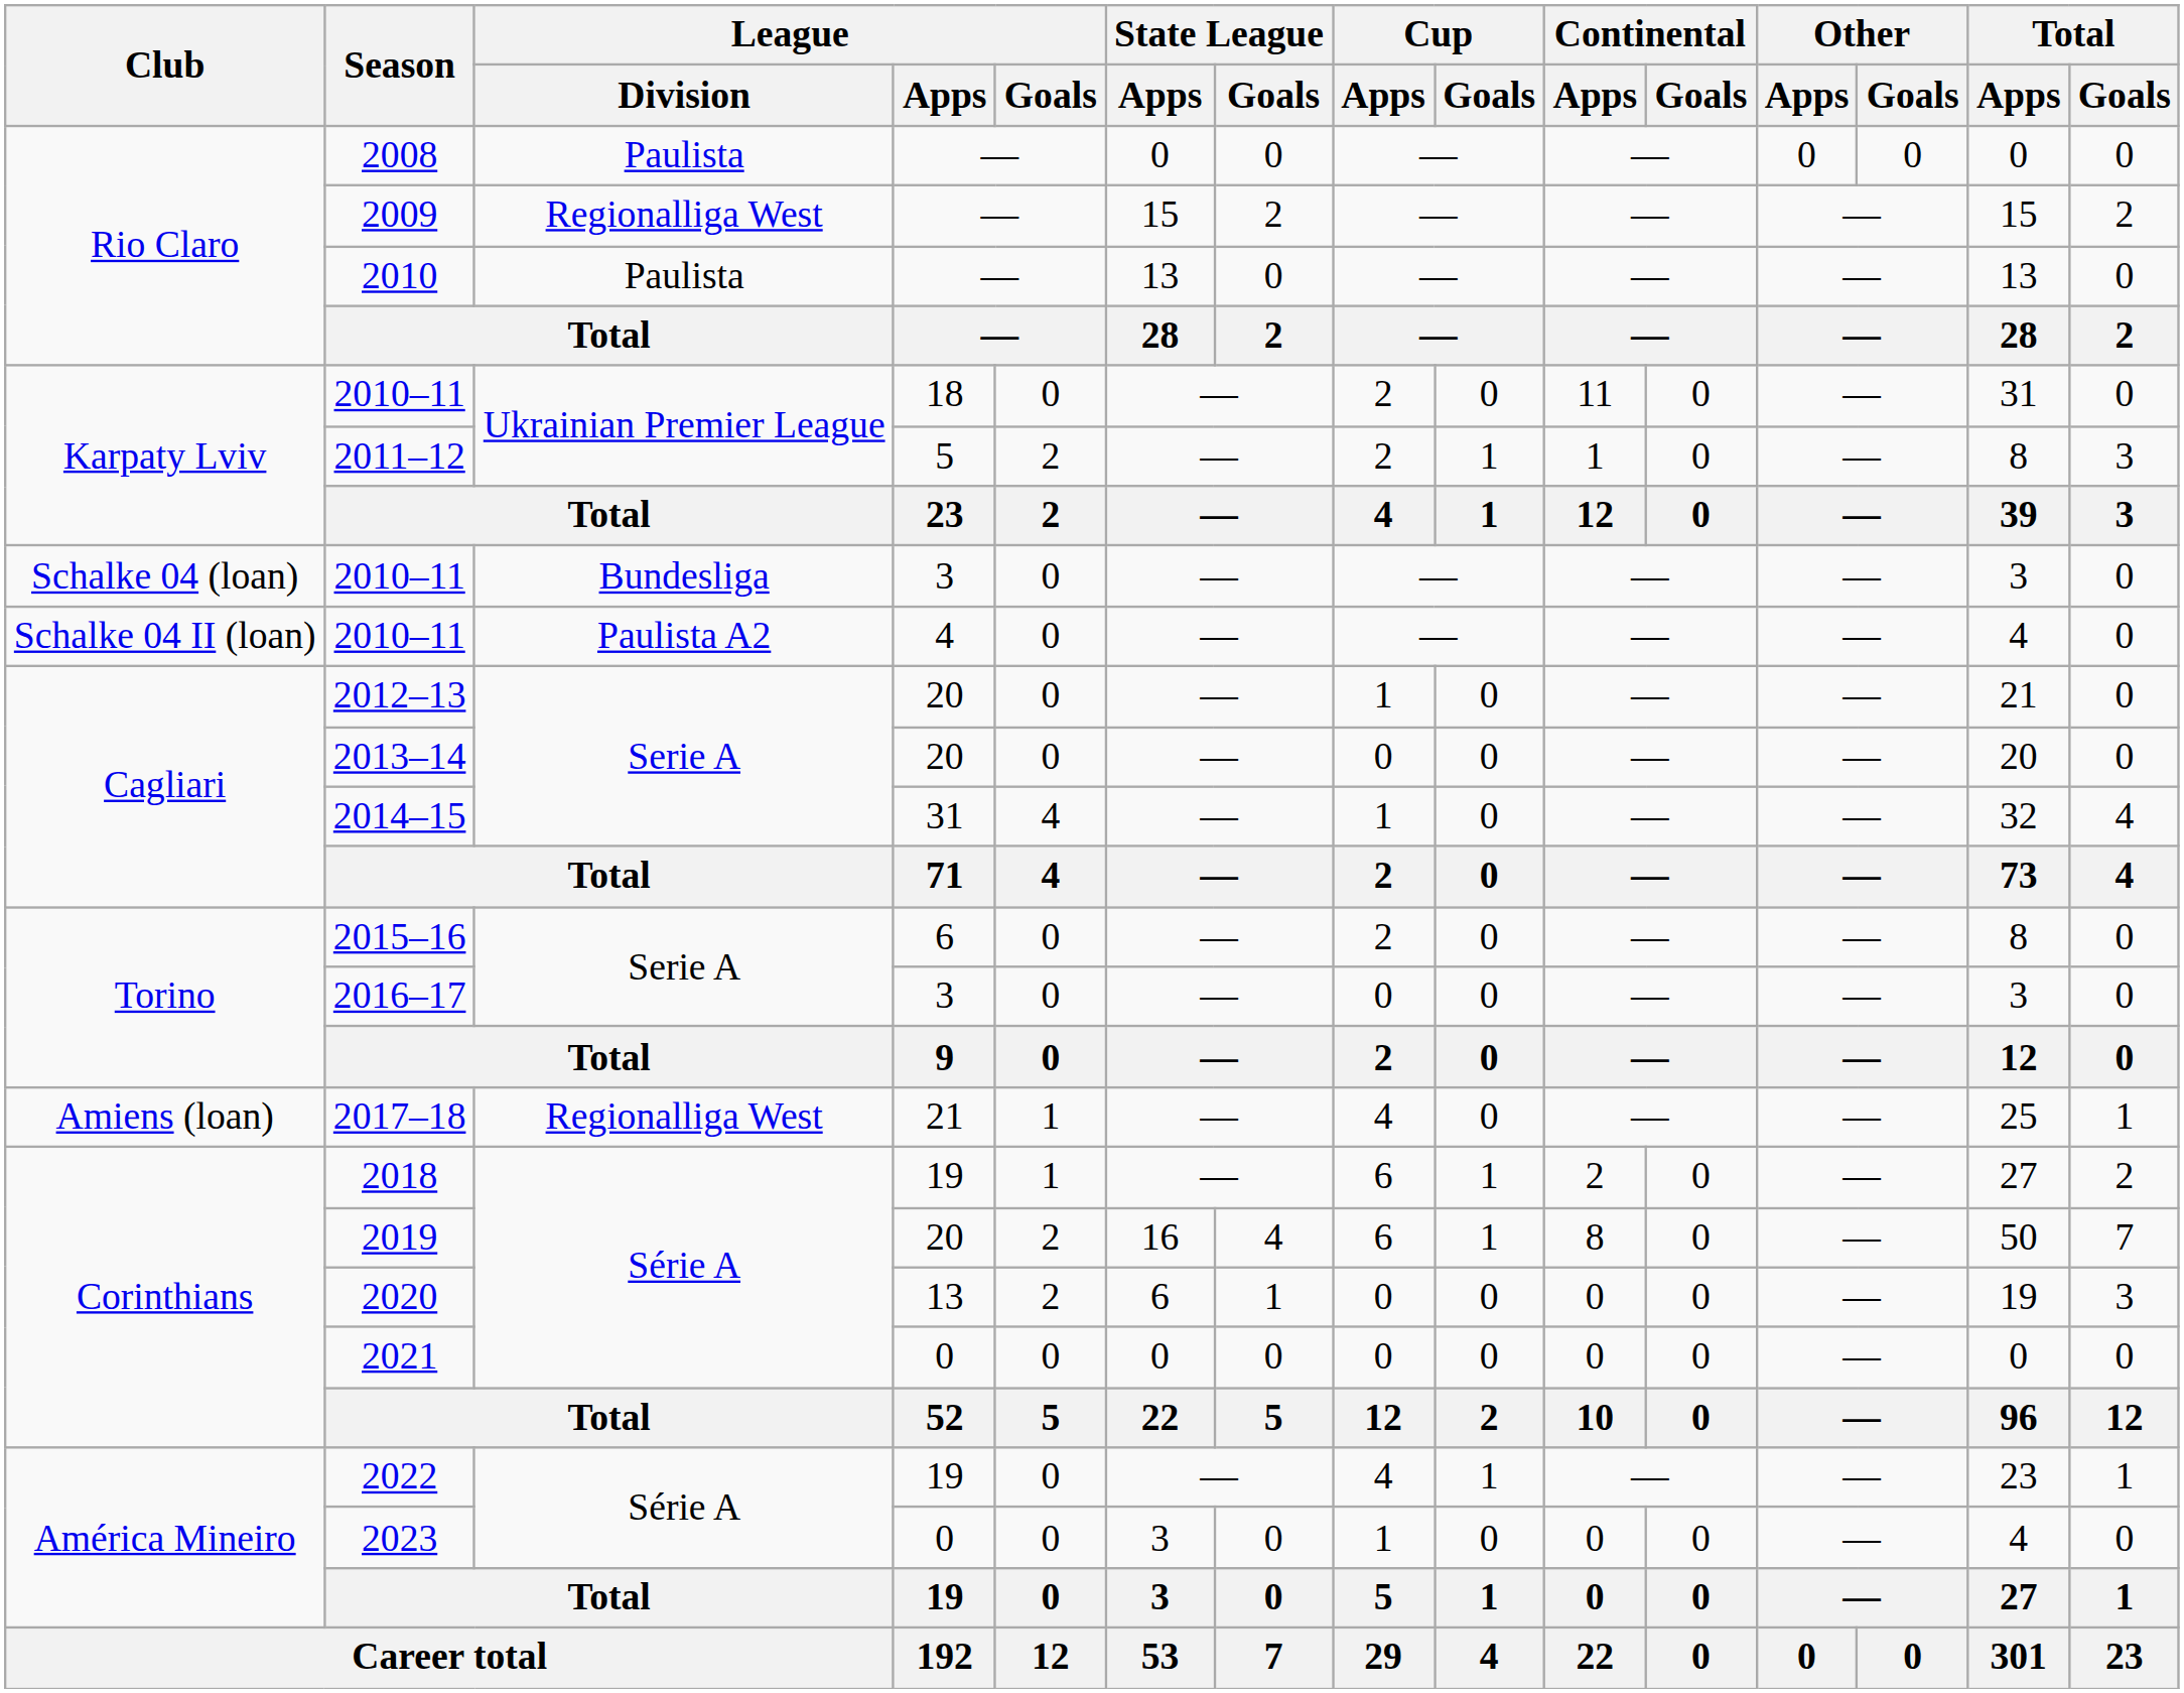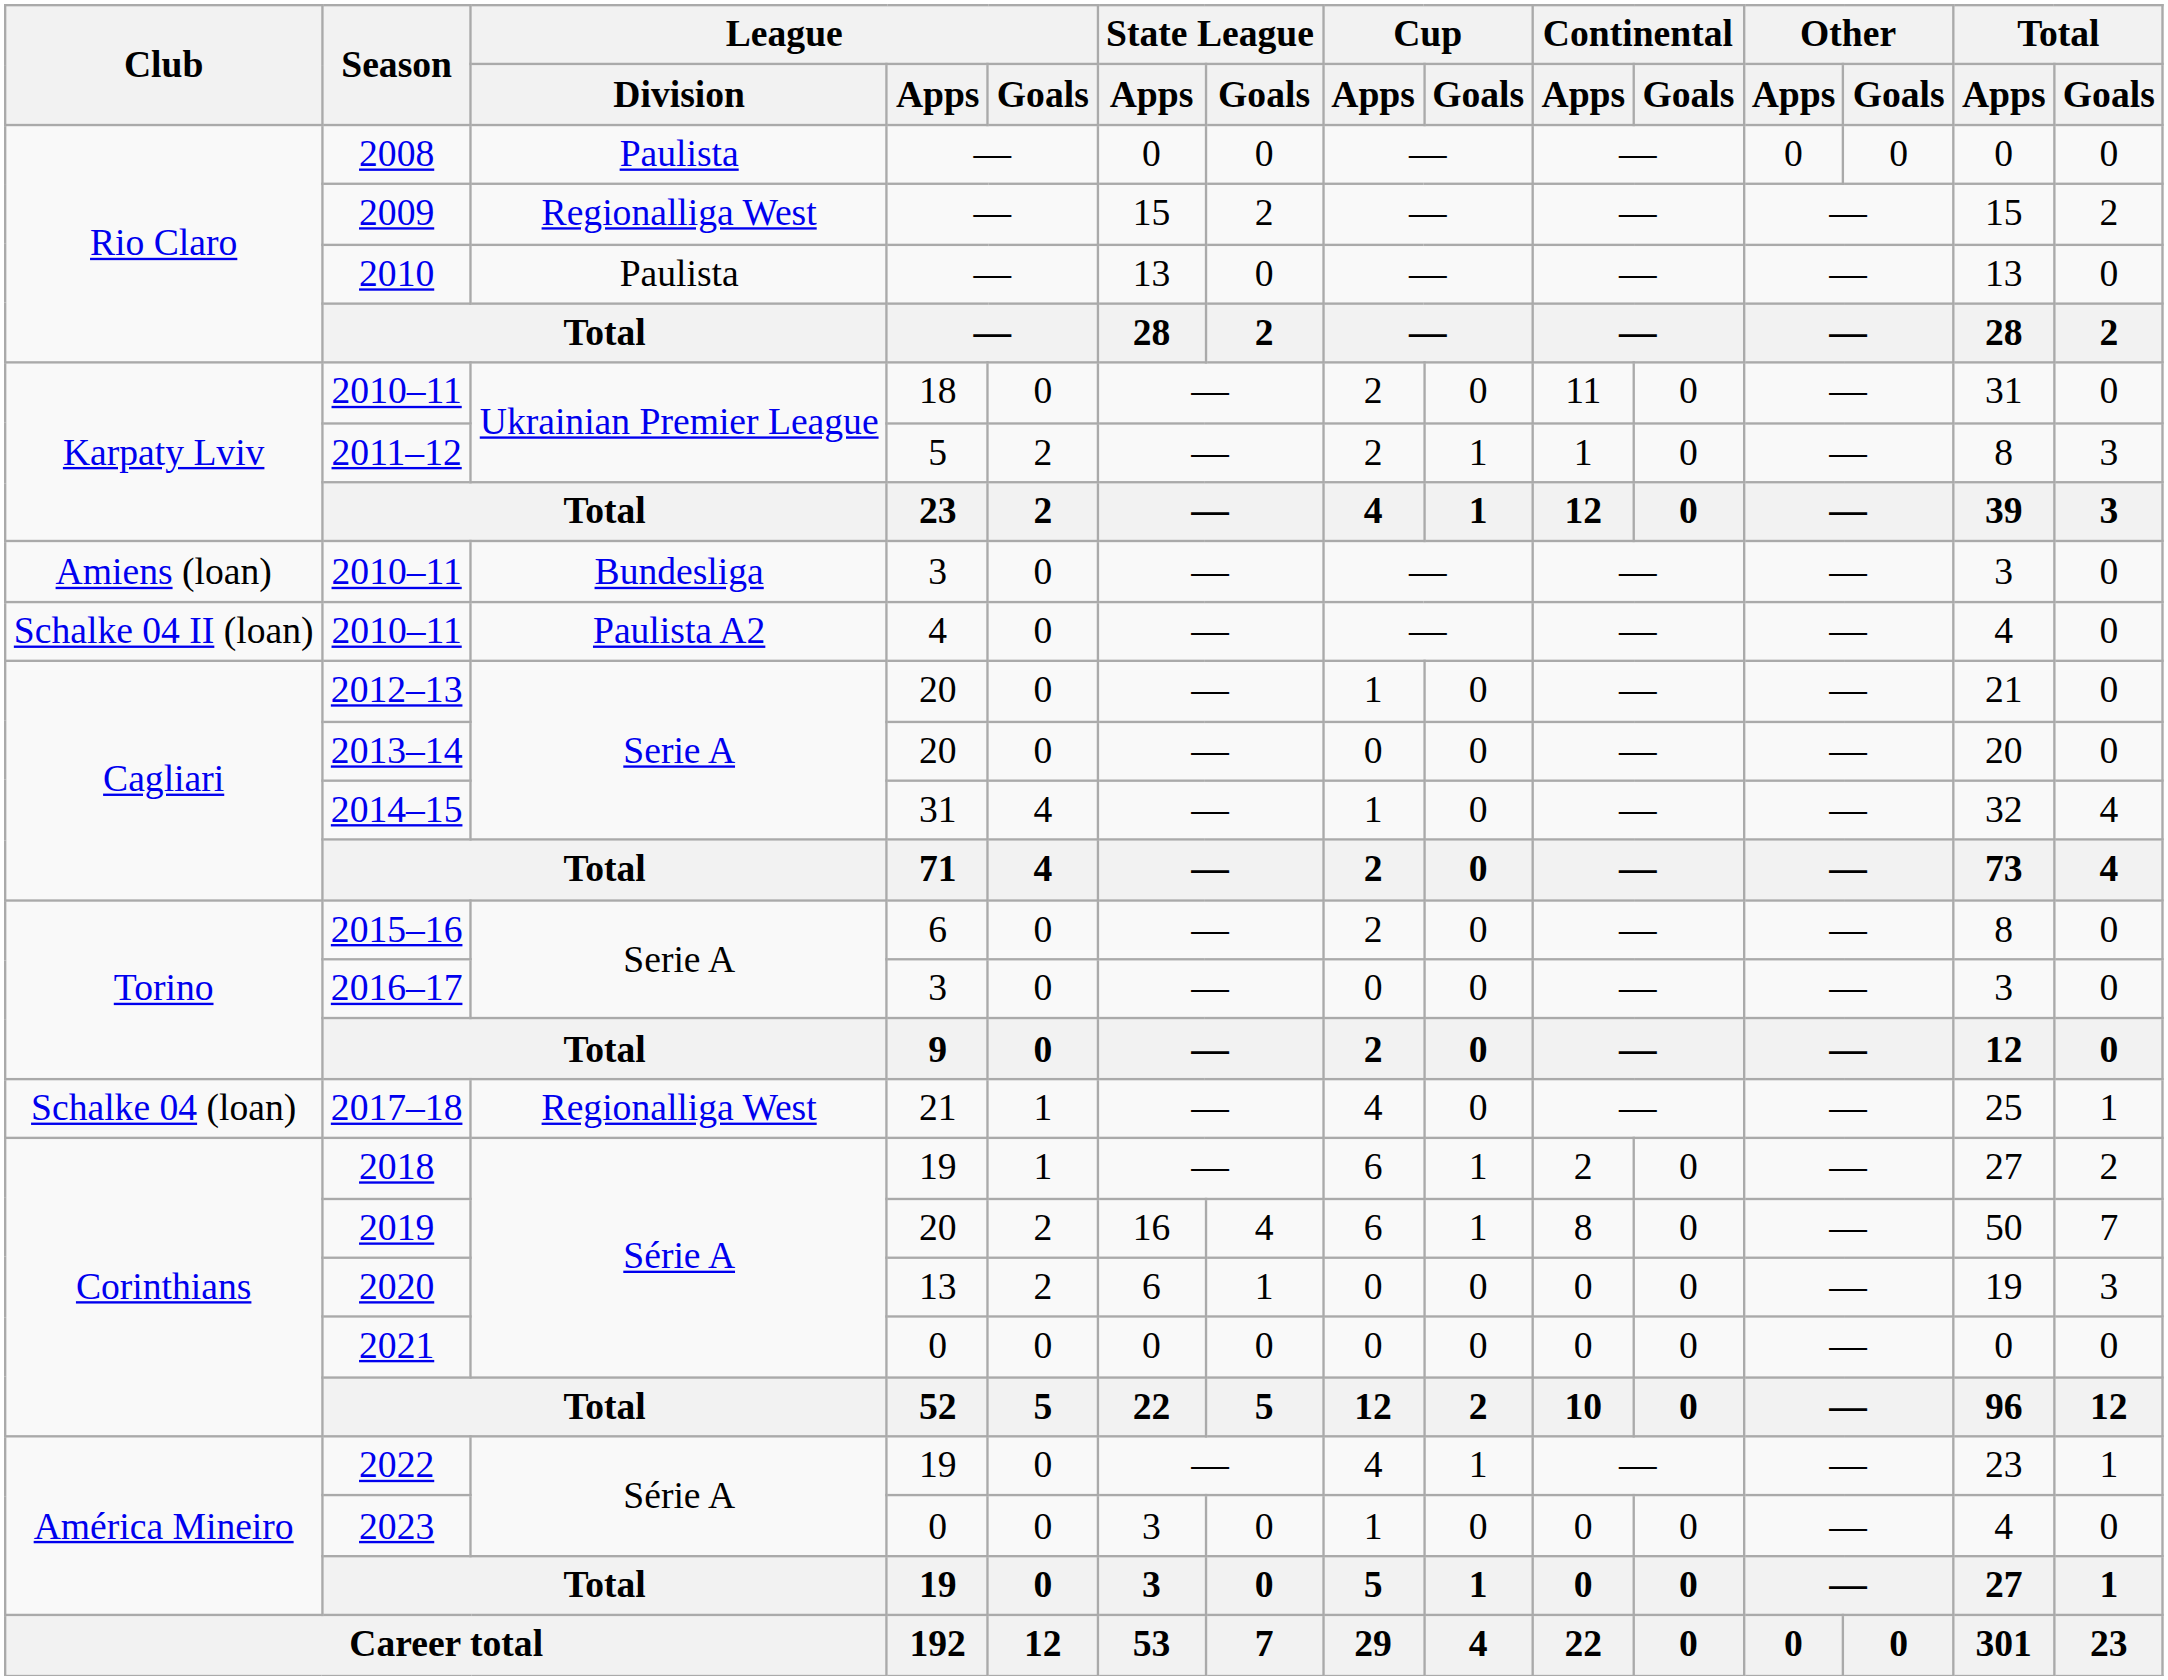 <table class="wikitable" style="text-align: center">
 <tr>
 <th rowspan="2">Club</th>
 <th rowspan="2">Season</th>
 <th colspan="3">League</th>
 <th colspan="2">State League</th>
 <th colspan="2">Cup</th>
 <th colspan="2">Continental</th>
 <th colspan="2">Other</th>
 <th colspan="2">Total</th>
 </tr>
 <tr>
 <th>Division</th>
 <th>Apps</th>
 <th>Goals</th>
 <th>Apps</th>
 <th>Goals</th>
 <th>Apps</th>
 <th>Goals</th>
 <th>Apps</th>
 <th>Goals</th>
 <th>Apps</th>
 <th>Goals</th>
 <th>Apps</th>
 <th>Goals</th>
 </tr>
 <tr>
 <td rowspan="4"><a href='#'>Rio Claro</a></td>
 <td><a href='#'>2008</a></td>
 <td><a href='#'>Paulista</a></td>
 <td colspan="2">—</td>
 <td>0</td>
 <td>0</td>
 <td colspan="2">—</td>
 <td colspan="2">—</td>
 <td>0</td>
 <td>0</td>
 <td>0</td>
 <td>0</td>
 </tr>
 <tr>
 <td><a href='#'>2009</a></td>
 <td><a href='#'>Regionalliga West</a></td>
 <td colspan="2">—</td>
 <td>15</td>
 <td>2</td>
 <td colspan="2">—</td>
 <td colspan="2">—</td>
 <td colspan="2">—</td>
 <td>15</td>
 <td>2</td>
 </tr>
 <tr>
 <td><a href='#'>2010</a></td>
 <td>Paulista</td>
 <td colspan="2">—</td>
 <td>13</td>
 <td>0</td>
 <td colspan="2">—</td>
 <td colspan="2">—</td>
 <td colspan="2">—</td>
 <td>13</td>
 <td>0</td>
 </tr>
 <tr>
 <th colspan="2">Total</th>
 <th colspan="2">—</th>
 <th>28</th>
 <th>2</th>
 <th colspan="2">—</th>
 <th colspan="2">—</th>
 <th colspan="2">—</th>
 <th>28</th>
 <th>2</th>
 </tr>
 <tr>
 <td rowspan="3"><a href='#'>Karpaty Lviv</a></td>
 <td><a href='#'>2010–11</a></td>
 <td rowspan="2"><a href='#'>Ukrainian Premier League</a></td>
 <td>18</td>
 <td>0</td>
 <td colspan="2">—</td>
 <td>2</td>
 <td>0</td>
 <td>11</td>
 <td>0</td>
 <td colspan="2">—</td>
 <td>31</td>
 <td>0</td>
 </tr>
 <tr>
 <td><a href='#'>2011–12</a></td>
 <td>5</td>
 <td>2</td>
 <td colspan="2">—</td>
 <td>2</td>
 <td>1</td>
 <td>1</td>
 <td>0</td>
 <td colspan="2">—</td>
 <td>8</td>
 <td>3</td>
 </tr>
 <tr>
 <th colspan="2">Total</th>
 <th>23</th>
 <th>2</th>
 <th colspan="2">—</th>
 <th>4</th>
 <th>1</th>
 <th>12</th>
 <th>0</th>
 <th colspan="2">—</th>
 <th>39</th>
 <th>3</th>
 </tr>
 <tr>
-<td><a href='#'>Schalke 04</a> (loan)</td>
+<td valign="center"><a href='#'>Amiens</a> (loan)</td>
 <td><a href='#'>2010–11</a></td>
 <td><a href='#'>Bundesliga</a></td>
 <td>3</td>
 <td>0</td>
 <td colspan="2">—</td>
 <td colspan="2">—</td>
 <td colspan="2">—</td>
 <td colspan="2">—</td>
 <td>3</td>
 <td>0</td>
 </tr>
 <tr>
 <td><a href='#'>Schalke 04 II</a> (loan)</td>
 <td><a href='#'>2010–11</a></td>
 <td><a href='#'>Paulista A2</a></td>
 <td>4</td>
 <td>0</td>
 <td colspan="2">—</td>
 <td colspan="2">—</td>
 <td colspan="2">—</td>
 <td colspan="2">—</td>
 <td>4</td>
 <td>0</td>
 </tr>
 <tr>
 <td rowspan="4"><a href='#'>Cagliari</a></td>
 <td><a href='#'>2012–13</a></td>
 <td rowspan="3"><a href='#'>Serie A</a></td>
 <td>20</td>
 <td>0</td>
 <td colspan="2">—</td>
 <td>1</td>
 <td>0</td>
 <td colspan="2">—</td>
 <td colspan="2">—</td>
 <td>21</td>
 <td>0</td>
 </tr>
 <tr>
 <td><a href='#'>2013–14</a></td>
 <td>20</td>
 <td>0</td>
 <td colspan="2">—</td>
 <td>0</td>
 <td>0</td>
 <td colspan="2">—</td>
 <td colspan="2">—</td>
 <td>20</td>
 <td>0</td>
 </tr>
 <tr>
 <td><a href='#'>2014–15</a></td>
 <td>31</td>
 <td>4</td>
 <td colspan="2">—</td>
 <td>1</td>
 <td>0</td>
 <td colspan="2">—</td>
 <td colspan="2">—</td>
 <td>32</td>
 <td>4</td>
 </tr>
 <tr>
 <th colspan="2">Total</th>
 <th>71</th>
 <th>4</th>
 <th colspan="2">—</th>
 <th>2</th>
 <th>0</th>
 <th colspan="2">—</th>
 <th colspan="2">—</th>
 <th>73</th>
 <th>4</th>
 </tr>
 <tr>
 <td rowspan="3" valign="center"><a href='#'>Torino</a></td>
 <td><a href='#'>2015–16</a></td>
 <td rowspan="2">Serie A</td>
 <td>6</td>
 <td>0</td>
 <td colspan="2">—</td>
 <td>2</td>
 <td>0</td>
 <td colspan="2">—</td>
 <td colspan="2">—</td>
 <td>8</td>
 <td>0</td>
 </tr>
 <tr>
 <td><a href='#'>2016–17</a></td>
 <td>3</td>
 <td>0</td>
 <td colspan="2">—</td>
 <td>0</td>
 <td>0</td>
 <td colspan="2">—</td>
 <td colspan="2">—</td>
 <td>3</td>
 <td>0</td>
 </tr>
 <tr>
 <th colspan="2">Total</th>
 <th>9</th>
 <th>0</th>
 <th colspan="2">—</th>
 <th>2</th>
 <th>0</th>
 <th colspan="2">—</th>
 <th colspan="2">—</th>
 <th>12</th>
 <th>0</th>
 </tr>
 <tr>
-<td valign="center"><a href='#'>Amiens</a> (loan)</td>
+<td><a href='#'>Schalke 04</a> (loan)</td>
 <td><a href='#'>2017–18</a></td>
 <td><a href='#'>Regionalliga West</a></td>
 <td>21</td>
 <td>1</td>
 <td colspan="2">—</td>
 <td>4</td>
 <td>0</td>
 <td colspan="2">—</td>
 <td colspan="2">—</td>
 <td>25</td>
 <td>1</td>
 </tr>
 <tr>
 <td rowspan="5" valign="center"><a href='#'>Corinthians</a></td>
 <td><a href='#'>2018</a></td>
 <td rowspan="4"><a href='#'>Série A</a></td>
 <td>19</td>
 <td>1</td>
 <td colspan="2">—</td>
 <td>6</td>
 <td>1</td>
 <td>2</td>
 <td>0</td>
 <td colspan="2">—</td>
 <td>27</td>
 <td>2</td>
 </tr>
 <tr>
 <td><a href='#'>2019</a></td>
 <td>20</td>
 <td>2</td>
 <td>16</td>
 <td>4</td>
 <td>6</td>
 <td>1</td>
 <td>8</td>
 <td>0</td>
 <td colspan="2">—</td>
 <td>50</td>
 <td>7</td>
 </tr>
 <tr>
 <td><a href='#'>2020</a></td>
 <td>13</td>
 <td>2</td>
 <td>6</td>
 <td>1</td>
 <td>0</td>
 <td>0</td>
 <td>0</td>
 <td>0</td>
 <td colspan="2">—</td>
 <td>19</td>
 <td>3</td>
 </tr>
 <tr>
 <td><a href='#'>2021</a></td>
 <td>0</td>
 <td>0</td>
 <td>0</td>
 <td>0</td>
 <td>0</td>
 <td>0</td>
 <td>0</td>
 <td>0</td>
 <td colspan="2">—</td>
 <td>0</td>
 <td>0</td>
 </tr>
 <tr>
 <th colspan="2">Total</th>
 <th>52</th>
 <th>5</th>
 <th>22</th>
 <th>5</th>
 <th>12</th>
 <th>2</th>
 <th>10</th>
 <th>0</th>
 <th colspan="2">—</th>
 <th>96</th>
 <th>12</th>
 </tr>
 <tr>
 <td rowspan="3" valign="center"><a href='#'>América Mineiro</a></td>
 <td><a href='#'>2022</a></td>
 <td rowspan="2">Série A</td>
 <td>19</td>
 <td>0</td>
 <td colspan="2">—</td>
 <td>4</td>
 <td>1</td>
 <td colspan="2">—</td>
 <td colspan="2">—</td>
 <td>23</td>
 <td>1</td>
 </tr>
 <tr>
 <td><a href='#'>2023</a></td>
 <td>0</td>
 <td>0</td>
 <td>3</td>
 <td>0</td>
 <td>1</td>
 <td>0</td>
 <td>0</td>
 <td>0</td>
 <td colspan="2">—</td>
 <td>4</td>
 <td>0</td>
 </tr>
 <tr>
 <th colspan="2">Total</th>
 <th>19</th>
 <th>0</th>
 <th>3</th>
 <th>0</th>
 <th>5</th>
 <th>1</th>
 <th>0</th>
 <th>0</th>
 <th colspan="2">—</th>
 <th>27</th>
 <th>1</th>
 </tr>
 <tr>
 <th colspan="3">Career total</th>
 <th>192</th>
 <th>12</th>
 <th>53</th>
 <th>7</th>
 <th>29</th>
 <th>4</th>
 <th>22</th>
 <th>0</th>
 <th>0</th>
 <th>0</th>
 <th>301</th>
 <th>23</th>
 </tr>
 </table>
